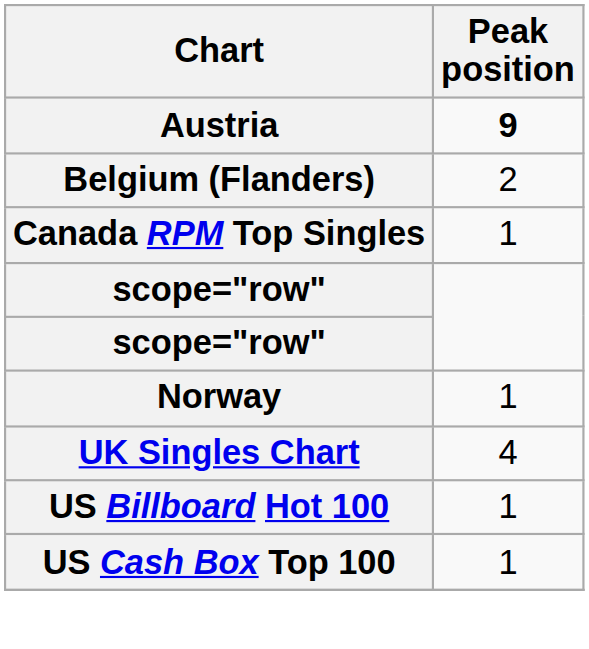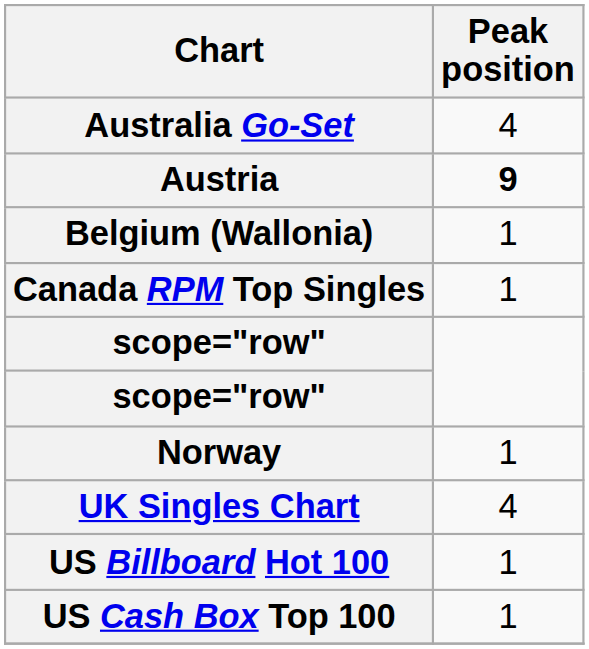 <table class="wikitable sortable plainrowheaders" style="text-align:center;">
 <tr>
 <th scope="col">Chart</th>
 <th scope="col">Peak<br> position</th>
 </tr>
 <tr>
+<th scope="row">Australia <em><a href='#'>Go-Set</a></em></th>
+<td>4</td>
+</tr>
+<tr>
 <th scope="row">Austria</th>
 <td><strong>9</strong></td>
 </tr>
 <tr>
-<th scope="row">Belgium (Flanders)</th>
-<td>2</td>
+<th scope="row">Belgium (Wallonia)</th>
+<td>1</td>
 </tr>
 <tr>
 <th scope="row">Canada <em><a href='#'>RPM</a></em> Top Singles</th>
 <td>1</td>
 </tr>
 <tr>
 <th>scope="row" </th>
 </tr>
 <tr>
 <th>scope="row" </th>
 </tr>
 <tr>
 <th scope="row">Norway</th>
 <td>1</td>
 </tr>
 <tr>
 <th scope="row"><a href='#'>UK Singles Chart</a></th>
 <td>4</td>
 </tr>
 <tr>
 <th scope="row">US <em><a href='#'>Billboard</a></em> <a href='#'>Hot 100</a></th>
 <td>1</td>
 </tr>
 <tr>
 <th scope="row">US <a href='#'><em>Cash Box</em></a> Top 100</th>
 <td>1</td>
 </tr>
 <tr>
 </tr>
 </table>
